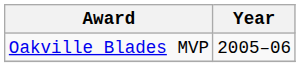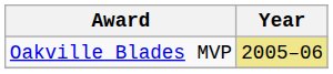 <table class="wikitable">
 <tr>
 <th>Award</th>
 <th>Year</th>
 </tr>
 <tr>
 <td><a href='#'>Oakville Blades</a> MVP</td>
-<td>2005–06</td>
+<td style="background: khaki;">2005–06</td>
 </tr>
 <tr>
 </tr>
 </table>
